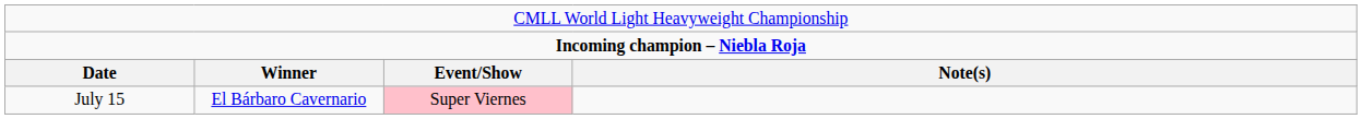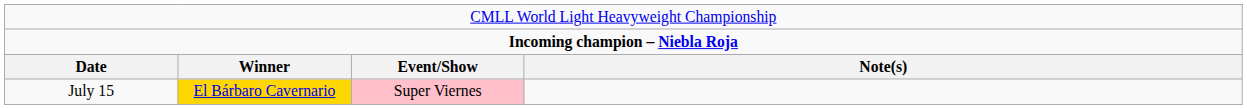 <table class="wikitable" style="text-align:center; width:100%;">
 <tr>
 <td colspan="4" style="text-align: center;"><a href='#'>CMLL World Light Heavyweight Championship</a></td>
 </tr>
 <tr>
 <td colspan="4" style="text-align: center;"><strong>Incoming champion – <a href='#'>Niebla Roja</a></strong></td>
 </tr>
 <tr>
 <th width=14%>Date</th>
 <th width=14%>Winner</th>
 <th width=14%>Event/Show</th>
 <th width=58%>Note(s)</th>
 </tr>
 <tr>
 <td>July 15</td>
-<td><a href='#'>El Bárbaro Cavernario</a></td>
+<td style="background: gold;"><a href='#'>El Bárbaro Cavernario</a></td>
 <td style="background: pink;">Super Viernes</td>
 <td></td>
 </tr>
 </table>
